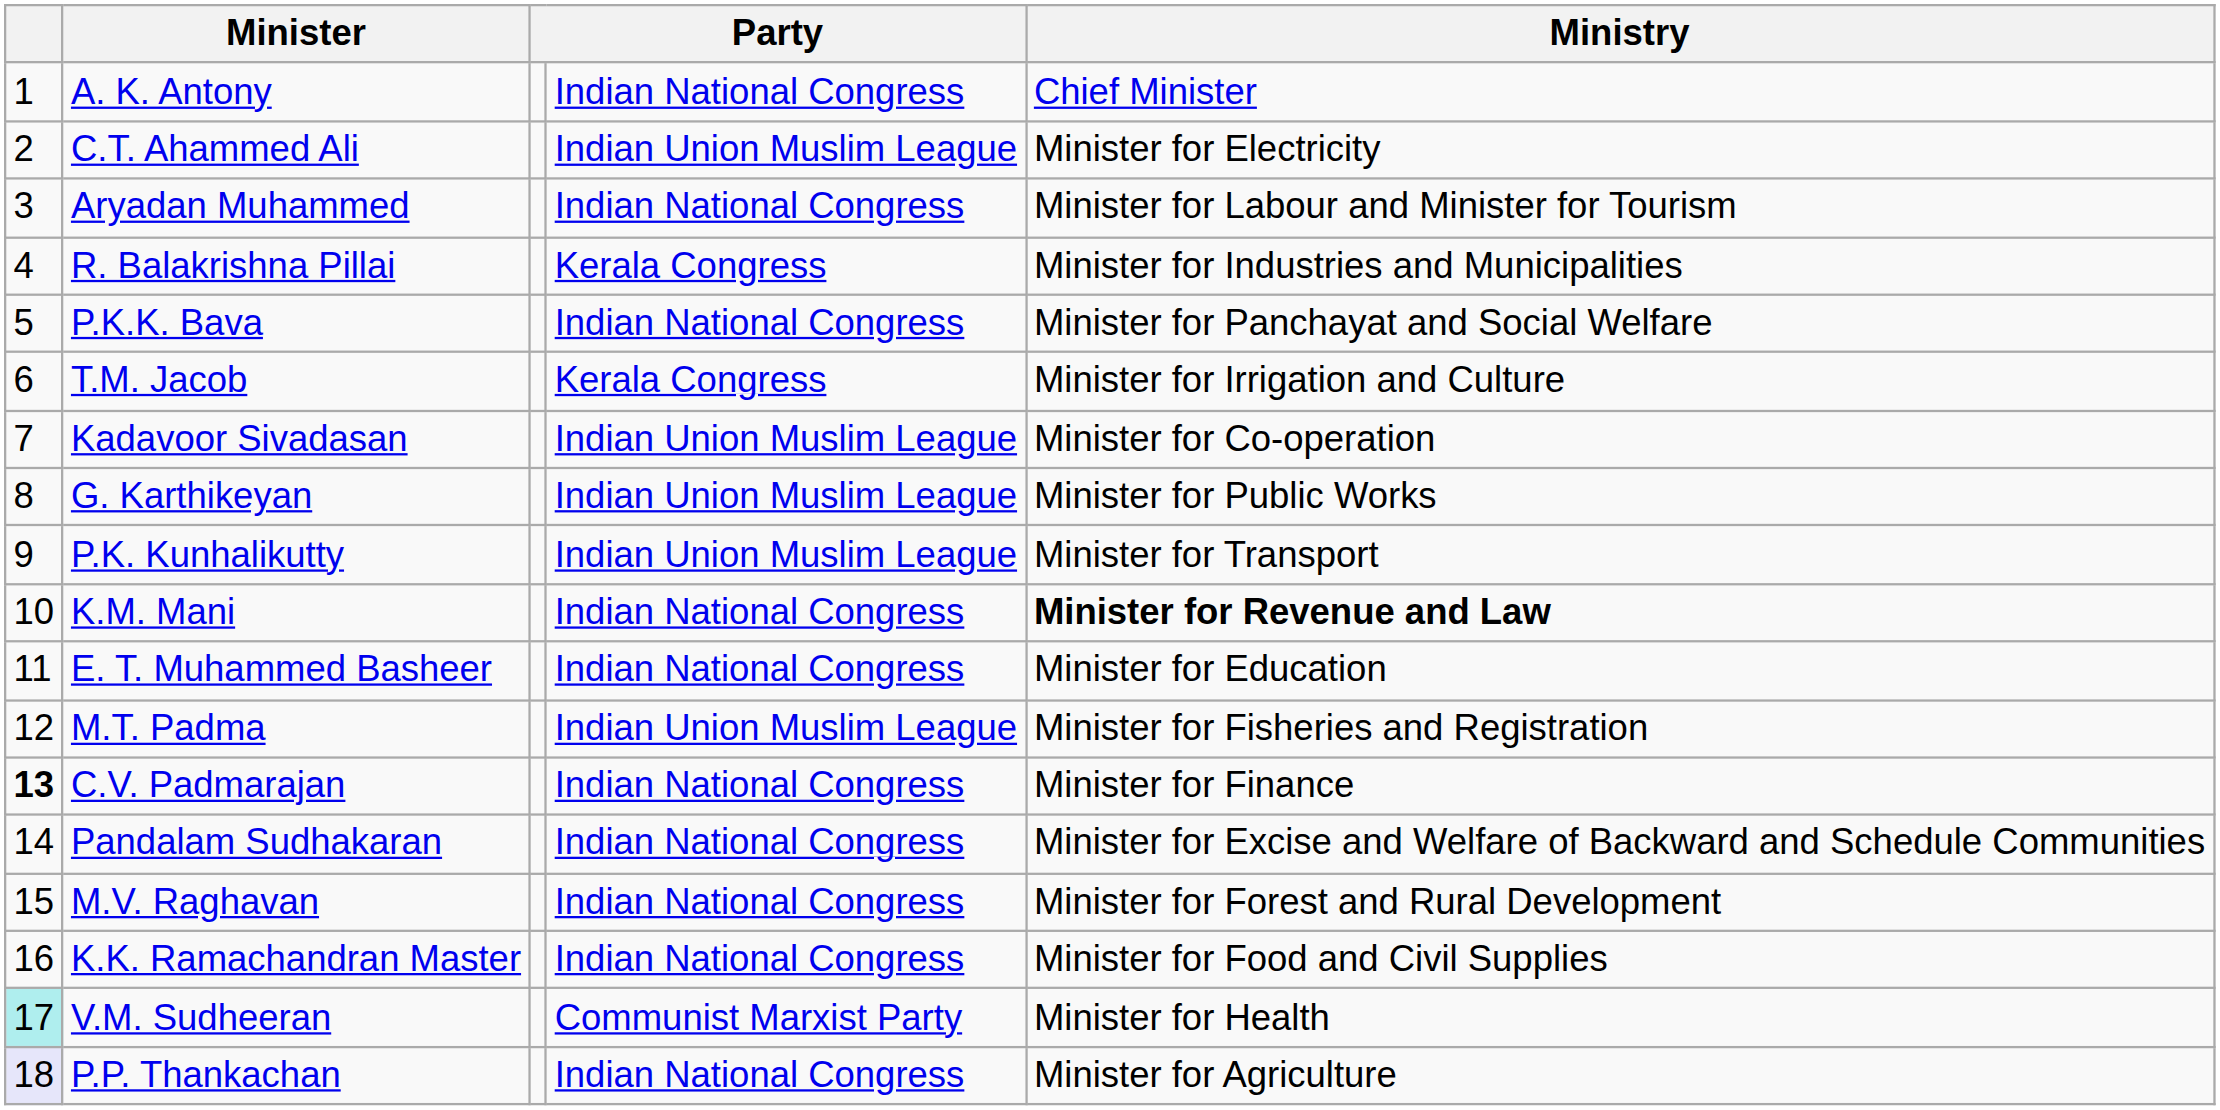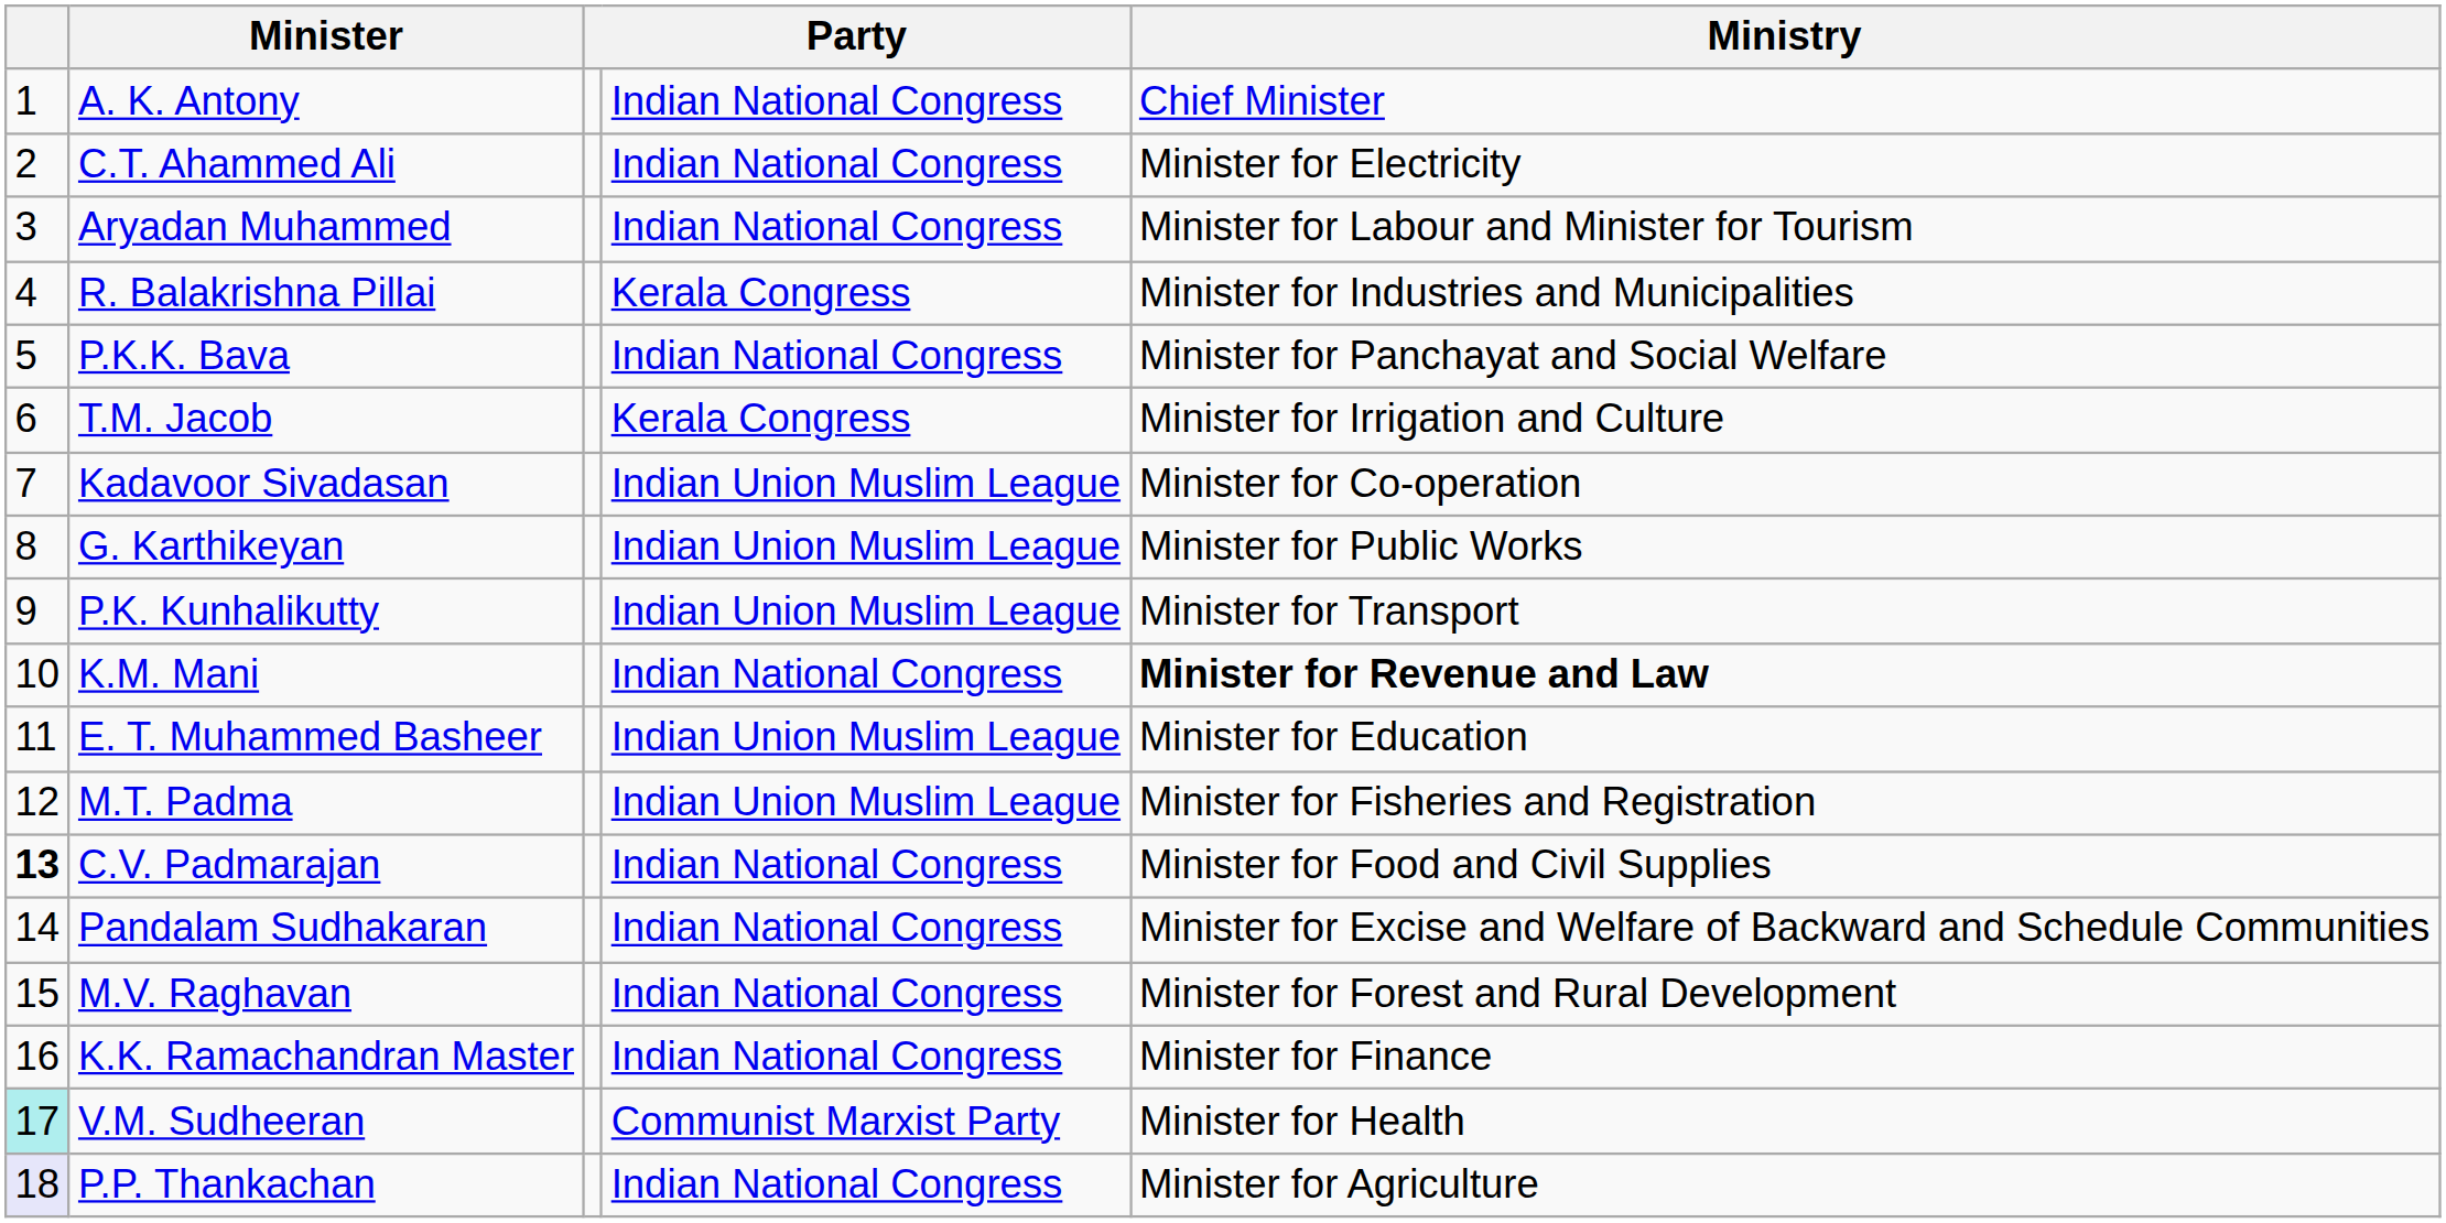 <table class="wikitable">
 <tr>
 <th></th>
 <th>Minister</th>
 <th colspan="2">Party</th>
 <th>Ministry</th>
 </tr>
 <tr>
 <td>1</td>
 <td><a href='#'>A. K. Antony</a></td>
 <td style="background-color: "></td>
 <td><a href='#'>Indian National Congress</a></td>
 <td><a href='#'>Chief Minister</a></td>
 </tr>
 <tr>
 <td>2</td>
 <td><a href='#'>C.T. Ahammed Ali</a></td>
 <td style="background-color: "></td>
-<td><a href='#'>Indian Union Muslim League</a></td>
+<td><a href='#'>Indian National Congress</a></td>
 <td>Minister for Electricity</td>
 </tr>
 <tr>
 <td>3</td>
 <td><a href='#'>Aryadan Muhammed</a></td>
 <td style="background-color: "></td>
 <td><a href='#'>Indian National Congress</a></td>
 <td>Minister for Labour and Minister for Tourism</td>
 </tr>
 <tr>
 <td>4</td>
 <td><a href='#'>R. Balakrishna Pillai</a></td>
 <td style="background-color: "></td>
 <td><a href='#'>Kerala Congress</a></td>
 <td>Minister for Industries and Municipalities</td>
 </tr>
 <tr>
 <td>5</td>
 <td><a href='#'>P.K.K. Bava</a></td>
 <td style="background-color: "></td>
 <td><a href='#'>Indian National Congress</a></td>
 <td>Minister for Panchayat and Social Welfare</td>
 </tr>
 <tr>
 <td>6</td>
 <td><a href='#'>T.M. Jacob</a></td>
 <td style="background-color: "></td>
 <td><a href='#'>Kerala Congress</a></td>
 <td>Minister for Irrigation and Culture</td>
 </tr>
 <tr>
 <td>7</td>
 <td><a href='#'>Kadavoor Sivadasan</a></td>
 <td style="background-color: "></td>
 <td><a href='#'>Indian Union Muslim League</a></td>
 <td>Minister for Co-operation</td>
 </tr>
 <tr>
 <td>8</td>
 <td><a href='#'>G. Karthikeyan</a></td>
 <td style="background-color: "></td>
 <td><a href='#'>Indian Union Muslim League</a></td>
 <td>Minister for Public Works</td>
 </tr>
 <tr>
 <td>9</td>
 <td><a href='#'>P.K. Kunhalikutty</a></td>
 <td style="background-color: "></td>
 <td><a href='#'>Indian Union Muslim League</a></td>
 <td>Minister for Transport</td>
 </tr>
 <tr>
 <td>10</td>
 <td><a href='#'>K.M. Mani</a></td>
 <td style="background-color: "></td>
 <td><a href='#'>Indian National Congress</a></td>
 <td><strong>Minister for Revenue and Law</strong></td>
 </tr>
 <tr>
 <td>11</td>
 <td><a href='#'>E. T. Muhammed Basheer</a></td>
 <td style="background-color: "></td>
-<td><a href='#'>Indian National Congress</a></td>
+<td><a href='#'>Indian Union Muslim League</a></td>
 <td>Minister for Education</td>
 </tr>
 <tr>
 <td>12</td>
 <td><a href='#'>M.T. Padma</a></td>
 <td style="background-color: "></td>
 <td><a href='#'>Indian Union Muslim League</a></td>
 <td>Minister for Fisheries and Registration</td>
 </tr>
 <tr>
 <td><strong>13</strong></td>
 <td><a href='#'>C.V. Padmarajan</a></td>
 <td style="background-color: "></td>
 <td><a href='#'>Indian National Congress</a></td>
-<td>Minister for Finance</td>
+<td>Minister for Food and Civil Supplies</td>
 </tr>
 <tr>
 <td>14</td>
 <td><a href='#'>Pandalam Sudhakaran</a></td>
 <td style="background-color: "></td>
 <td><a href='#'>Indian National Congress</a></td>
 <td>Minister for Excise and Welfare of Backward and Schedule Communities</td>
 </tr>
 <tr>
 <td>15</td>
 <td><a href='#'>M.V. Raghavan</a></td>
 <td></td>
 <td><a href='#'>Indian National Congress</a></td>
 <td>Minister for Forest and Rural Development</td>
 </tr>
 <tr>
 <td>16</td>
 <td><a href='#'>K.K. Ramachandran Master</a></td>
 <td style="background-color: "></td>
 <td><a href='#'>Indian National Congress</a></td>
-<td>Minister for Food and Civil Supplies</td>
+<td>Minister for Finance</td>
 </tr>
 <tr>
 <td style="background: paleturquoise;">17</td>
 <td><a href='#'>V.M. Sudheeran</a></td>
 <td style="background-color: "></td>
 <td><a href='#'>Communist Marxist Party</a></td>
 <td>Minister for Health</td>
 </tr>
 <tr>
 <td style="background: lavender;">18</td>
 <td><a href='#'>P.P. Thankachan</a></td>
 <td style="background-color: "></td>
 <td><a href='#'>Indian National Congress</a></td>
 <td>Minister for Agriculture</td>
 </tr>
 </table>
